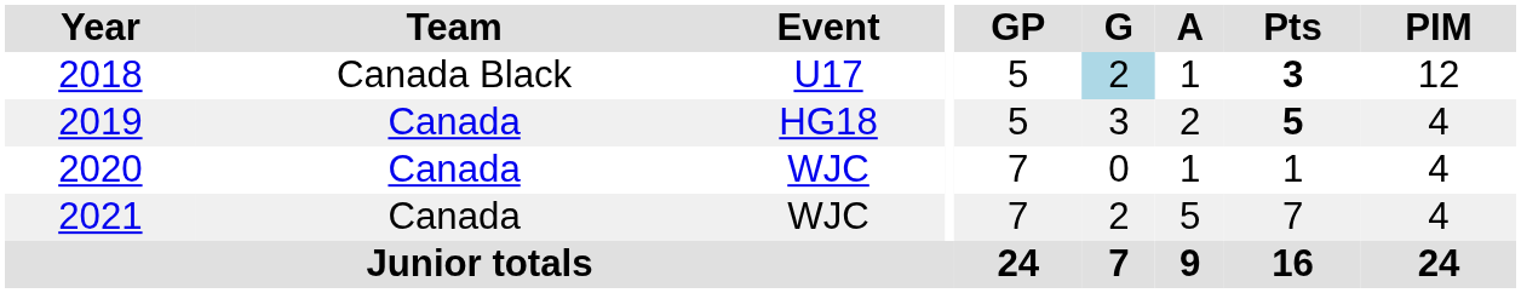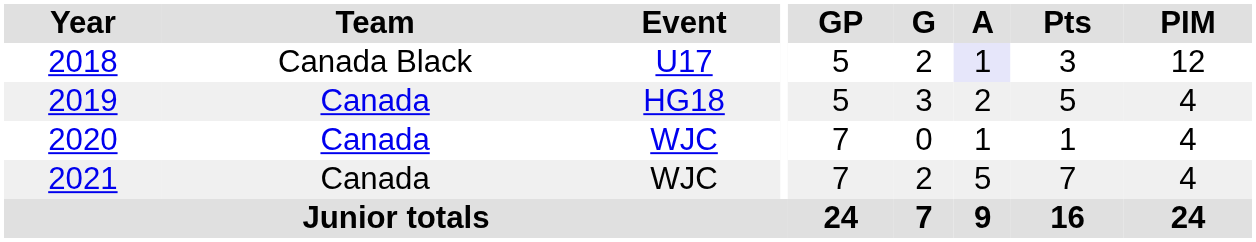 <table border="0" cellpadding="1" cellspacing="0" ID="Table3" style="text-align:center; width:40em">
 <tr bgcolor="#e0e0e0">
 <th>Year</th>
 <th>Team</th>
 <th>Event</th>
 <th rowspan="102" bgcolor="#ffffff"></th>
 <th>GP</th>
 <th>G</th>
 <th>A</th>
 <th>Pts</th>
 <th>PIM</th>
 </tr>
 <tr>
 <td><a href='#'>2018</a></td>
 <td>Canada Black</td>
 <td><a href='#'>U17</a></td>
 <td>5</td>
-<td style="background: lightblue;">2</td>
-<td>1</td>
-<td><strong>3</strong></td>
+<td>2</td>
+<td style="background: lavender;">1</td>
+<td>3</td>
 <td>12</td>
 </tr>
 <tr bgcolor="#f0f0f0">
 <td><a href='#'>2019</a></td>
 <td><a href='#'>Canada</a></td>
 <td><a href='#'>HG18</a></td>
 <td>5</td>
 <td>3</td>
 <td>2</td>
-<td><strong>5</strong></td>
+<td>5</td>
 <td>4</td>
 </tr>
 <tr>
 <td><a href='#'>2020</a></td>
 <td><a href='#'>Canada</a></td>
 <td><a href='#'>WJC</a></td>
 <td>7</td>
 <td>0</td>
 <td>1</td>
 <td>1</td>
 <td>4</td>
 </tr>
 <tr bgcolor="#f0f0f0">
 <td><a href='#'>2021</a></td>
 <td>Canada</td>
 <td>WJC</td>
 <td>7</td>
 <td>2</td>
 <td>5</td>
 <td>7</td>
 <td>4</td>
 </tr>
 <tr bgcolor="#e0e0e0">
 <th colspan="4">Junior totals</th>
 <th>24</th>
 <th>7</th>
 <th>9</th>
 <th>16</th>
 <th>24</th>
 </tr>
 </table>
